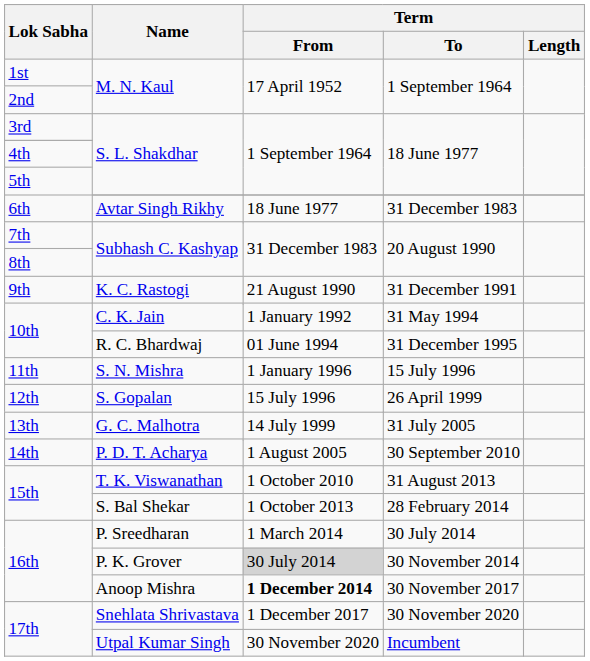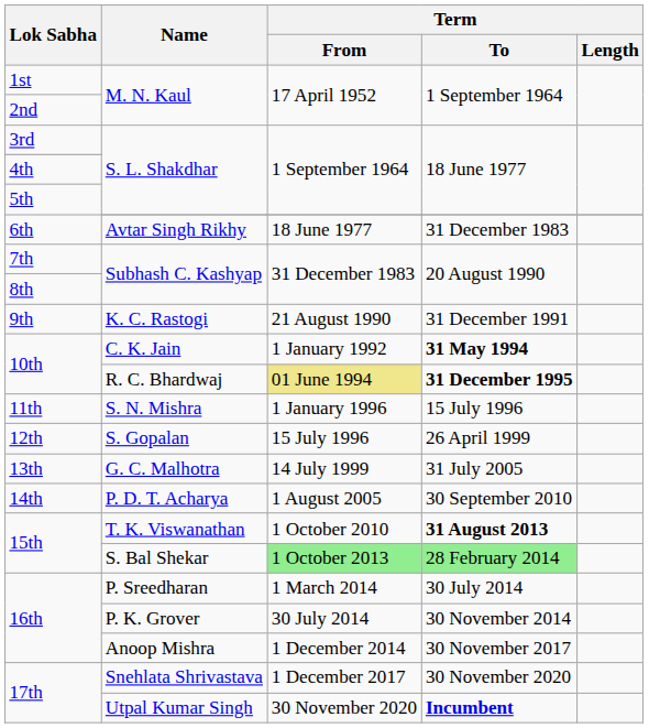 <table class="wikitable" border="1">
 <tr>
 <th rowspan=2>Lok Sabha</th>
 <th rowspan=2>Name</th>
 <th colspan=4>Term</th>
 </tr>
 <tr>
 <th>From</th>
 <th>To</th>
 <th>Length</th>
 </tr>
 <tr>
 <td><a href='#'>1st</a></td>
 <td rowspan=3><a href='#'>M. N. Kaul</a></td>
 <td rowspan=3>17 April 1952</td>
 <td rowspan=3>1 September 1964</td>
 <td rowspan=3></td>
 </tr>
 <tr>
 <td><a href='#'>2nd</a></td>
 </tr>
 <tr>
 <td rowspan=2><a href='#'>3rd</a></td>
 </tr>
 <tr>
 <td rowspan=4><a href='#'>S. L. Shakdhar</a></td>
 <td rowspan=4>1 September 1964</td>
 <td rowspan=4>18 June 1977</td>
 <td rowspan=4></td>
 </tr>
 <tr>
 </tr>
 <tr>
 <td><a href='#'>4th</a></td>
 </tr>
 <tr>
 <td><a href='#'>5th</a></td>
 </tr>
 <tr>
 <td rowspan=2><a href='#'>6th</a></td>
 </tr>
 <tr>
 <td rowspan=2><a href='#'>Avtar Singh Rikhy</a></td>
 <td rowspan=2>18 June 1977</td>
 <td rowspan=2>31 December 1983</td>
 <td rowspan=2></td>
 </tr>
 <tr>
 <td rowspan=2><a href='#'>7th</a></td>
 </tr>
 <tr>
 <td rowspan=3><a href='#'>Subhash C. Kashyap</a></td>
 <td rowspan=3>31 December 1983</td>
 <td rowspan=3>20 August 1990</td>
 <td rowspan=3></td>
 </tr>
 <tr>
 <td><a href='#'>8th</a></td>
 </tr>
 <tr>
 <td rowspan=2><a href='#'>9th</a></td>
 </tr>
 <tr>
 <td rowspan=2><a href='#'>K. C. Rastogi</a></td>
 <td rowspan=2>21 August 1990</td>
 <td rowspan=2>31 December 1991</td>
 <td rowspan=2></td>
 </tr>
 <tr>
 <td rowspan=4><a href='#'>10th</a></td>
 </tr>
 <tr>
 <td><a href='#'>C. K. Jain</a></td>
 <td>1 January 1992</td>
-<td>31 May 1994</td>
+<td><strong>31 May 1994</strong></td>
 <td></td>
 </tr>
 <tr>
 <td>R. C. Bhardwaj</td>
-<td>01 June 1994</td>
-<td>31 December 1995</td>
+<td style="background: khaki;">01 June 1994</td>
+<td><strong>31 December 1995</strong></td>
 <td></td>
 </tr>
 <tr>
 <td rowspan=2><a href='#'>S. N. Mishra</a></td>
 <td rowspan=2>1 January 1996</td>
 <td rowspan=2>15 July 1996</td>
 <td rowspan=2></td>
 </tr>
 <tr>
 <td rowspan=2><a href='#'>11th</a></td>
 </tr>
 <tr>
 <td rowspan=2><a href='#'>S. Gopalan</a></td>
 <td rowspan=2>15 July 1996</td>
 <td rowspan=2>26 April 1999</td>
 <td rowspan=2></td>
 </tr>
 <tr>
 <td rowspan=2><a href='#'>12th</a></td>
 </tr>
 <tr>
 <td rowspan=3><a href='#'>G. C. Malhotra</a></td>
 <td rowspan=3>14 July 1999</td>
 <td rowspan=3>31 July 2005</td>
 <td rowspan=3></td>
 </tr>
 <tr>
 <td rowspan=1><a href='#'>13th</a></td>
 </tr>
 <tr>
 <td rowspan=2><a href='#'>14th</a></td>
 </tr>
 <tr>
 <td rowspan=2><a href='#'>P. D. T. Acharya</a></td>
 <td rowspan=2>1 August 2005</td>
 <td rowspan=2>30 September 2010</td>
 <td rowspan=2></td>
 </tr>
 <tr>
 <td rowspan=4><a href='#'>15th</a></td>
 </tr>
 <tr>
 <td><a href='#'>T. K. Viswanathan</a></td>
 <td>1 October 2010</td>
-<td>31 August 2013</td>
+<td><strong>31 August 2013</strong></td>
 <td></td>
 </tr>
 <tr>
 <td>S. Bal Shekar</td>
-<td>1 October 2013</td>
-<td>28 February 2014</td>
+<td style="background: lightgreen;">1 October 2013</td>
+<td style="background: lightgreen;">28 February 2014</td>
 <td></td>
 </tr>
 <tr>
 <td rowspan=2>P. Sreedharan</td>
 <td rowspan=2>1 March 2014</td>
 <td rowspan=2>30 July 2014</td>
 <td rowspan=2></td>
 </tr>
 <tr>
 <td rowspan=4><a href='#'>16th</a></td>
 </tr>
 <tr>
 <td>P. K. Grover</td>
-<td style="background: lightgrey;">30 July 2014</td>
+<td>30 July 2014</td>
 <td>30 November 2014</td>
 <td></td>
 </tr>
 <tr>
 <td>Anoop Mishra</td>
-<td><strong>1 December 2014</strong></td>
+<td>1 December 2014</td>
 <td>30 November 2017</td>
 <td></td>
 </tr>
 <tr>
 <td rowspan=2><a href='#'>Snehlata Shrivastava</a></td>
 <td rowspan=2>1 December 2017</td>
 <td rowspan=2>30 November 2020</td>
 <td rowspan=2></td>
 </tr>
 <tr>
 <td rowspan=2><a href='#'>17th</a></td>
 </tr>
 <tr>
 <td><a href='#'>Utpal Kumar Singh</a></td>
 <td>30 November 2020</td>
-<td><a href='#'>Incumbent</a></td>
+<td><strong><a href='#'>Incumbent</a></strong></td>
 <td></td>
 </tr>
 </table>
